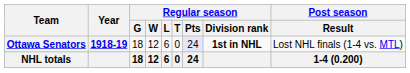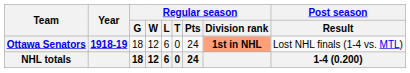 <table class="wikitable" style="font-size: 95%; text-align:center;">
 <tr>
 <th rowspan="2">Team</th>
 <th rowspan="2">Year</th>
 <th colspan="6"><a href='#'>Regular season</a></th>
 <th colspan="1"><a href='#'>Post season</a></th>
 </tr>
 <tr>
 <th>G</th>
 <th>W</th>
 <th>L</th>
 <th>T</th>
 <th>Pts</th>
 <th>Division rank</th>
 <th>Result</th>
 </tr>
 <tr>
 <th><a href='#'>Ottawa Senators</a></th>
 <th><a href='#'>1918-19</a></th>
 <td>18</td>
 <td>12</td>
 <td>6</td>
 <td>0</td>
-<td style="background: lavender;">24</td>
-<td><strong>1st in NHL</strong></td>
+<td>24</td>
+<td style="background: lightsalmon;"><strong>1st in NHL</strong></td>
 <td>Lost NHL finals (1-4 vs. <a href='#'>MTL</a>)</td>
 </tr>
 <tr align="centre" bgcolor="#dddddd">
 <th>NHL totals</th>
 <th></th>
 <th>18</th>
 <th>12</th>
 <th>6</th>
 <th>0</th>
 <th>24</th>
 <th></th>
 <th>1-4 (0.200)</th>
 </tr>
 </table>
